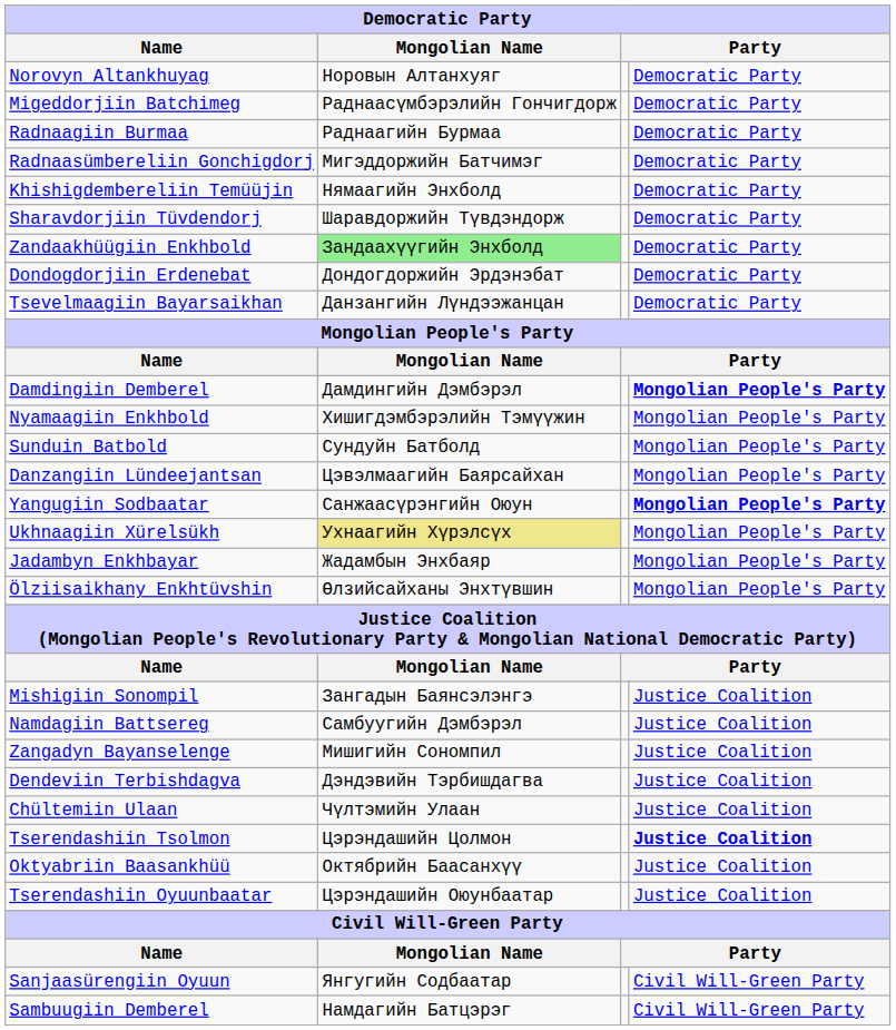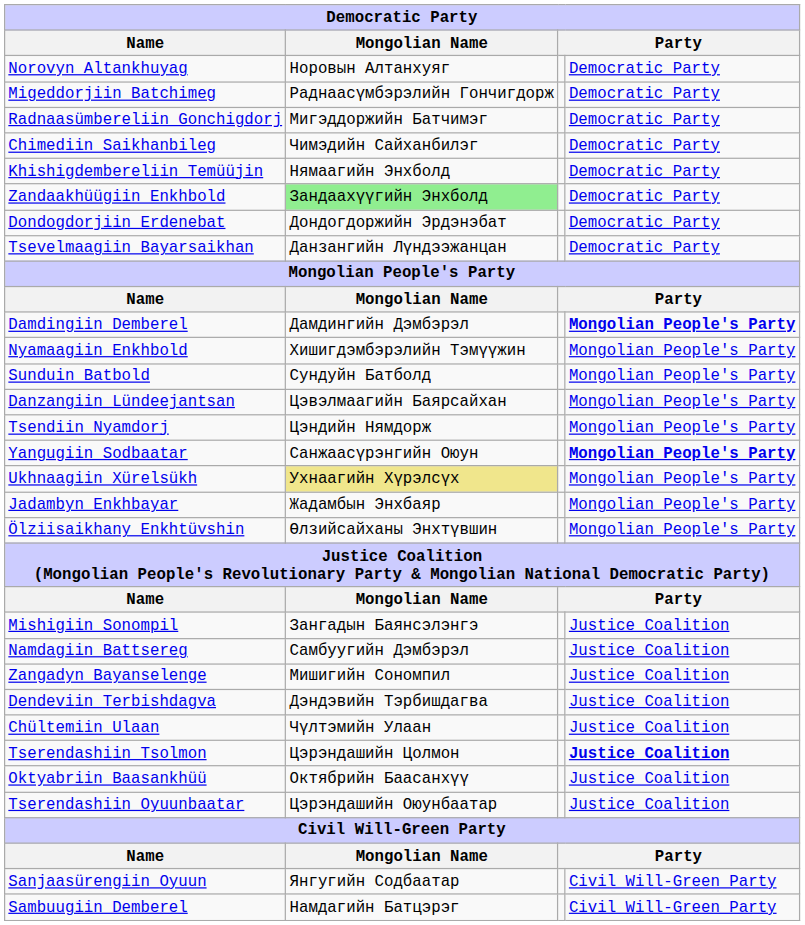 <table class="wikitable">
 <tr>
 <th colspan="4" style="background:#ccf;">Democratic Party</th>
 </tr>
 <tr>
 <th>Name</th>
 <th>Mongolian Name</th>
 <th colspan=2>Party</th>
 </tr>
 <tr>
 <td><a href='#'>Norovyn Altankhuyag</a></td>
 <td>Норовын Алтанхуяг</td>
 <td style="background-color: "></td>
 <td><a href='#'>Democratic Party</a></td>
 </tr>
 <tr>
 <td><a href='#'>Migeddorjiin Batchimeg</a></td>
 <td>Раднаасүмбэрэлийн Гончигдорж</td>
 <td style="background-color: "></td>
 <td><a href='#'>Democratic Party</a></td>
 </tr>
 <tr>
-<td><a href='#'>Radnaagiin Burmaa</a></td>
-<td>Раднаагийн Бурмаа</td>
-<td style="background-color: "></td>
-<td><a href='#'>Democratic Party</a></td>
-</tr>
-<tr>
 <td><a href='#'>Radnaasümbereliin Gonchigdorj</a></td>
 <td>Мигэддоржийн Батчимэг</td>
 <td style="background-color: "></td>
 <td><a href='#'>Democratic Party</a></td>
 </tr>
 <tr>
-<td><a href='#'>Khishigdembereliin Temüüjin</a></td>
-<td>Нямаагийн Энхболд</td>
+<td><a href='#'>Chimediin Saikhanbileg</a></td>
+<td>Чимэдийн Сайханбилэг</td>
 <td style="background-color: "></td>
 <td><a href='#'>Democratic Party</a></td>
 </tr>
 <tr>
-<td><a href='#'>Sharavdorjiin Tüvdendorj</a></td>
-<td>Шаравдоржийн Түвдэндорж</td>
+<td><a href='#'>Khishigdembereliin Temüüjin</a></td>
+<td>Нямаагийн Энхболд</td>
 <td style="background-color: "></td>
 <td><a href='#'>Democratic Party</a></td>
 </tr>
 <tr>
 <td><a href='#'>Zandaakhüügiin Enkhbold</a></td>
 <td style="background: lightgreen;">Зандаахүүгийн Энхболд</td>
 <td style="background-color: "></td>
 <td><a href='#'>Democratic Party</a></td>
 </tr>
 <tr>
 <td><a href='#'>Dondogdorjiin Erdenebat</a></td>
 <td>Дондогдоржийн Эрдэнэбат</td>
 <td style="background-color: "></td>
 <td><a href='#'>Democratic Party</a></td>
 </tr>
 <tr>
 <td><a href='#'>Tsevelmaagiin Bayarsaikhan</a></td>
 <td>Данзангийн Лүндээжанцан</td>
 <td style="background-color: "></td>
 <td><a href='#'>Democratic Party</a></td>
 </tr>
 <tr>
 <th colspan="4" style="background:#ccf;">Mongolian People's Party</th>
 </tr>
 <tr>
 <th>Name</th>
 <th>Mongolian Name</th>
 <th colspan=2>Party</th>
 </tr>
 <tr>
 <td><a href='#'>Damdingiin Demberel</a></td>
 <td>Дамдингийн Дэмбэрэл</td>
 <td style="background-color: "></td>
 <td><strong><a href='#'>Mongolian People's Party</a></strong></td>
 </tr>
 <tr>
 <td><a href='#'>Nyamaagiin Enkhbold</a></td>
 <td>Хишигдэмбэрэлийн Тэмүүжин</td>
 <td style="background-color: "></td>
 <td><a href='#'>Mongolian People's Party</a></td>
 </tr>
 <tr>
 <td><a href='#'>Sunduin Batbold</a></td>
 <td>Сундуйн Батболд</td>
 <td style="background-color: "></td>
 <td><a href='#'>Mongolian People's Party</a></td>
 </tr>
 <tr>
 <td><a href='#'>Danzangiin Lündeejantsan</a></td>
 <td>Цэвэлмаагийн Баярсайхан</td>
+<td style="background-color: "></td>
+<td><a href='#'>Mongolian People's Party</a></td>
+</tr>
+<tr>
+<td><a href='#'>Tsendiin Nyamdorj</a></td>
+<td>Цэндийн Нямдорж</td>
 <td style="background-color: "></td>
 <td><a href='#'>Mongolian People's Party</a></td>
 </tr>
 <tr>
 <td><a href='#'>Yangugiin Sodbaatar</a></td>
 <td>Санжаасүрэнгийн Оюун</td>
 <td style="background-color: "></td>
 <td><strong><a href='#'>Mongolian People's Party</a></strong></td>
 </tr>
 <tr>
 <td><a href='#'>Ukhnaagiin Xürelsükh</a></td>
 <td style="background: khaki;">Ухнаагийн Хүрэлсүх</td>
 <td style="background-color: "></td>
 <td><a href='#'>Mongolian People's Party</a></td>
 </tr>
 <tr>
 <td><a href='#'>Jadambyn Enkhbayar</a></td>
 <td>Жадамбын Энхбаяр</td>
 <td style="background-color: "></td>
 <td><a href='#'>Mongolian People's Party</a></td>
 </tr>
 <tr>
 <td><a href='#'>Ölziisaikhany Enkhtüvshin</a></td>
 <td>Өлзийсайханы Энхтүвшин</td>
 <td style="background-color: "></td>
 <td><a href='#'>Mongolian People's Party</a></td>
 </tr>
 <tr>
 <th colspan="4" style="background:#ccf;">Justice Coalition<br>(Mongolian People's Revolutionary Party & Mongolian National Democratic Party)</th>
 </tr>
 <tr>
 <th>Name</th>
 <th>Mongolian Name</th>
 <th colspan=2>Party</th>
 </tr>
 <tr>
 <td><a href='#'>Mishigiin Sonompil</a></td>
 <td>Зангадын Баянсэлэнгэ</td>
 <td style="background-color: "></td>
 <td><a href='#'>Justice Coalition</a></td>
 </tr>
 <tr>
 <td><a href='#'>Namdagiin Battsereg</a></td>
 <td>Самбуугийн Дэмбэрэл</td>
 <td style="background-color: "></td>
 <td><a href='#'>Justice Coalition</a></td>
 </tr>
 <tr>
 <td><a href='#'>Zangadyn Bayanselenge</a></td>
 <td>Мишигийн Сономпил</td>
 <td style="background-color: "></td>
 <td><a href='#'>Justice Coalition</a></td>
 </tr>
 <tr>
 <td><a href='#'>Dendeviin Terbishdagva</a></td>
 <td>Дэндэвийн Тэрбишдагва</td>
 <td style="background-color: "></td>
 <td><a href='#'>Justice Coalition</a></td>
 </tr>
 <tr>
 <td><a href='#'>Chültemiin Ulaan</a></td>
 <td>Чүлтэмийн Улаан</td>
 <td style="background-color: "></td>
 <td><a href='#'>Justice Coalition</a></td>
 </tr>
 <tr>
 <td><a href='#'>Tserendashiin Tsolmon</a></td>
 <td>Цэрэндашийн Цолмон</td>
 <td style="background-color: "></td>
 <td><strong><a href='#'>Justice Coalition</a></strong></td>
 </tr>
 <tr>
 <td><a href='#'>Oktyabriin Baasankhüü</a></td>
 <td>Октябрийн Баасанхүү</td>
 <td style="background-color: "></td>
 <td><a href='#'>Justice Coalition</a></td>
 </tr>
 <tr>
 <td><a href='#'>Tserendashiin Oyuunbaatar</a></td>
 <td>Цэрэндашийн Оюунбаатар</td>
 <td style="background-color: "></td>
 <td><a href='#'>Justice Coalition</a></td>
 </tr>
 <tr>
 <th colspan="4" style="background:#ccf;">Civil Will-Green Party</th>
 </tr>
 <tr>
 <th>Name</th>
 <th>Mongolian Name</th>
 <th colspan=2>Party</th>
 </tr>
 <tr>
 <td><a href='#'>Sanjaasürengiin Oyuun</a></td>
 <td>Янгугийн Содбаатар</td>
 <td style="background-color: "></td>
 <td><a href='#'>Civil Will-Green Party</a></td>
 </tr>
 <tr>
 <td><a href='#'>Sambuugiin Demberel</a></td>
 <td>Намдагийн Батцэрэг</td>
 <td style="background-color: "></td>
 <td><a href='#'>Civil Will-Green Party</a></td>
 </tr>
 </table>
